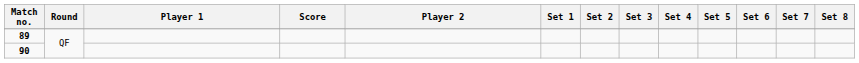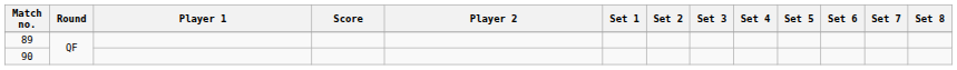 <table class="wikitable" style="text-align: center;">
 <tr>
 <th width="2%">Match no.</th>
 <th width="2%">Round</th>
 <th width="15%">Player 1</th>
 <th width="5%">Score</th>
 <th width="15%">Player 2</th>
 <th width="3%">Set 1</th>
 <th width="3%">Set 2</th>
 <th width="3%">Set 3</th>
 <th width="3%">Set 4</th>
 <th width="3%">Set 5</th>
 <th width="3%">Set 6</th>
 <th width="3%">Set 7</th>
 <th width="3%">Set 8</th>
 </tr>
 <tr>
 </tr>
 <tr style=text-align:center;>
-<td><strong>89</strong></td>
+<td>89</td>
 <td rowspan=2>QF</td>
 <td></td>
 <td></td>
 <td></td>
 <td></td>
 <td></td>
 <td></td>
 <td></td>
 <td></td>
 <td></td>
 <td></td>
 <td></td>
 </tr>
 <tr style=text-align:center;>
-<td><strong>90</strong></td>
+<td>90</td>
 <td></td>
 <td></td>
 <td></td>
 <td></td>
 <td></td>
 <td></td>
 <td></td>
 <td></td>
 <td></td>
 <td></td>
 <td></td>
 </tr>
 </table>
